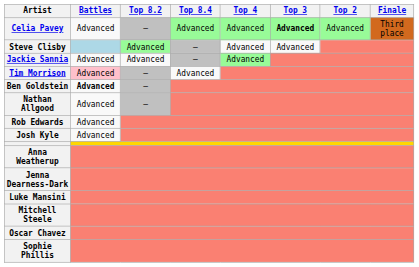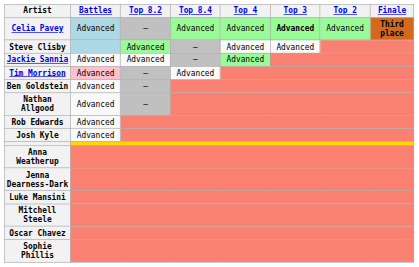 <table class="wikitable plainrowheaders"  style="text-align:center; font-size:90%;">
 <tr>
 <th style="width:13em;">Artist</th>
 <th style="width:8em;"><a href='#'>Battles</a></th>
 <th style="width:8em;"><a href='#'>Top 8.2</a></th>
 <th style="width:8em;"><a href='#'>Top 8.4</a></th>
 <th style="width:8em;"><a href='#'>Top 4</a></th>
 <th style="width:8em;"><a href='#'>Top 3</a></th>
 <th style="width:8em;"><a href='#'>Top 2</a></th>
 <th style="width:8em;"><a href='#'>Finale</a></th>
 </tr>
 <tr>
 <th><a href='#'>Celia Pavey</a></th>
-<td>Advanced</td>
+<td style="background: lightblue;">Advanced</td>
 <td style="background:silver;">—</td>
 <td style="background:palegreen">Advanced</td>
 <td style="background:palegreen">Advanced</td>
 <td style="background:palegreen"><strong>Advanced</strong></td>
 <td style="background:palegreen">Advanced</td>
-<td style="background:#D2691E">Third place</td>
+<td style="background:#D2691E"><strong>Third place</strong></td>
 </tr>
 <tr>
 <th>Steve Clisby</th>
 <td style="background:lightblue"></td>
 <td style="background:palegreen">Advanced</td>
 <td style="background:silver;">—</td>
 <td>Advanced</td>
 <td>Advanced</td>
 <td colspan=5 style="background:salmon"></td>
 </tr>
 <tr>
 <th><a href='#'>Jackie Sannia</a></th>
 <td>Advanced</td>
 <td>Advanced</td>
 <td style="background:silver;">—</td>
 <td style="background:palegreen">Advanced</td>
 <td colspan=5 style="background:salmon"></td>
 </tr>
 <tr>
 <th><a href='#'>Tim Morrison</a></th>
 <td style="background: pink;">Advanced</td>
 <td style="background:silver;">—</td>
 <td>Advanced</td>
 <td colspan=5 style="background:salmon"></td>
 </tr>
 <tr>
 <th>Ben Goldstein</th>
-<td><strong>Advanced</strong></td>
+<td>Advanced</td>
 <td style="background:silver;">—</td>
 <td colspan=5 style="background:salmon"></td>
 </tr>
 <tr>
 <th>Nathan Allgood</th>
 <td>Advanced</td>
 <td style="background:silver;">—</td>
 <td colspan=5 style="background:salmon"></td>
 </tr>
 <tr>
 <th>Rob Edwards</th>
 <td>Advanced</td>
 <td colspan=8 style="background:salmon"></td>
 </tr>
 <tr>
 <th>Josh Kyle</th>
 <td>Advanced</td>
 <td colspan=7 style="background:salmon"></td>
 </tr>
 <tr>
 <th></th>
 <td colspan=7 style="background:gold"></td>
 </tr>
 <tr>
 <th>Anna Weatherup</th>
 <td colspan=7 style="background:salmon"></td>
 </tr>
 <tr>
 <th>Jenna Dearness-Dark</th>
 <td colspan=7 style="background:salmon"></td>
 </tr>
 <tr>
 <th>Luke Mansini</th>
 <td colspan=7 style="background:salmon"></td>
 </tr>
 <tr>
 <th>Mitchell Steele</th>
 <td colspan=7 style="background:salmon"></td>
 </tr>
 <tr>
 <th>Oscar Chavez</th>
 <td colspan=7 style="background:salmon"></td>
 </tr>
 <tr>
 <th>Sophie Phillis</th>
 <td colspan=7 style="background:salmon"></td>
 </tr>
 </table>
